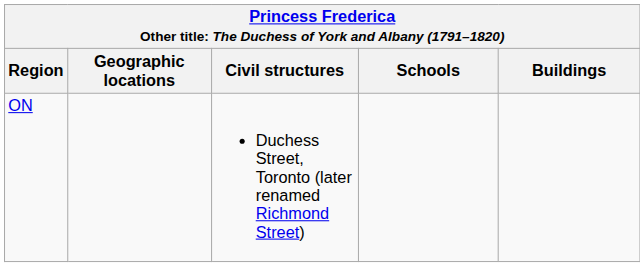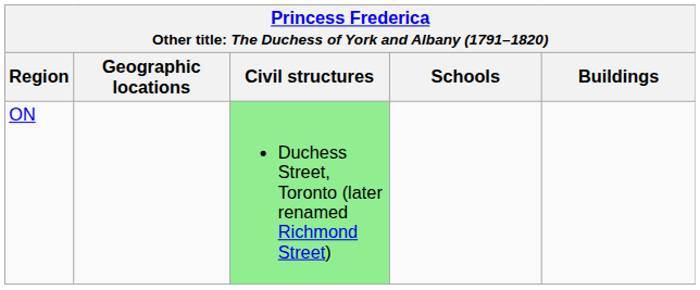 <table class="wikitable" width="100%">
 <tr>
 <th colspan="5"> <a href='#'>Princess Frederica</a><br><small>Other title: <em>The Duchess of York and Albany (1791–1820)</em></small></th>
 </tr>
 <tr>
 <th width="5%">Region</th>
 <th width="23.75%">Geographic locations</th>
 <th width="23.75%">Civil structures</th>
 <th width="23.75%">Schools</th>
 <th width="23.75%">Buildings</th>
 </tr>
 <tr>
 <td align=left valign=top> <a href='#'>ON</a></td>
 <td></td>
-<td align=left valign=top><br><ul><li>Duchess Street, Toronto (later renamed <a href='#'>Richmond Street</a>)</li></ul></td>
+<td align=left valign=top style="background: lightgreen;"><br><ul><li>Duchess Street, Toronto (later renamed <a href='#'>Richmond Street</a>)</li></ul></td>
 <td></td>
 <td></td>
 </tr>
 </table>
